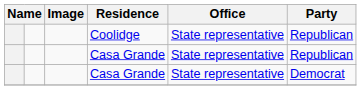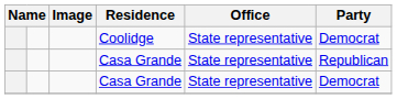 <table class="sortable wikitable">
 <tr valign=bottom>
 <th colspan="2">Name</th>
 <th>Image</th>
 <th>Residence</th>
 <th>Office</th>
 <th>Party</th>
 </tr>
 <tr>
 <th style="background-color:  "></th>
 <td></td>
 <td></td>
 <td><a href='#'>Coolidge</a></td>
 <td><a href='#'>State representative</a></td>
-<td><a href='#'>Republican</a></td>
+<td><a href='#'>Democrat</a></td>
 </tr>
 <tr>
 <th style="background-color:  "></th>
 <td></td>
 <td></td>
 <td><a href='#'>Casa Grande</a></td>
 <td><a href='#'>State representative</a></td>
 <td><a href='#'>Republican</a></td>
 </tr>
 <tr>
 <th style="background-color:  "></th>
 <td></td>
 <td></td>
 <td><a href='#'>Casa Grande</a></td>
 <td><a href='#'>State representative</a></td>
 <td><a href='#'>Democrat</a></td>
 </tr>
 <tr>
 </tr>
 </table>
